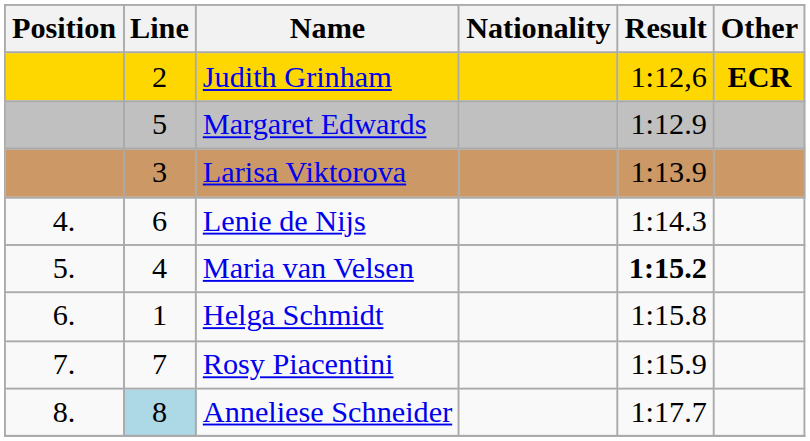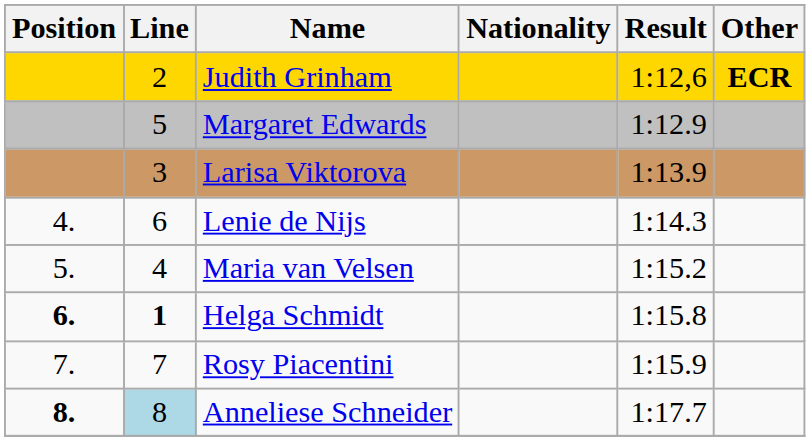 <table class="wikitable sortable" style="text-align:center">
 <tr>
 <th>Position</th>
 <th>Line</th>
 <th>Name</th>
 <th>Nationality</th>
 <th>Result</th>
 <th>Other</th>
 </tr>
 <tr bgcolor=gold>
 <td></td>
 <td>2</td>
 <td align=left><a href='#'>Judith Grinham</a></td>
 <td align=left></td>
 <td align=right>1:12,6</td>
 <td><strong>ECR</strong></td>
 </tr>
 <tr bgcolor=silver>
 <td></td>
 <td>5</td>
 <td align=left><a href='#'>Margaret Edwards</a></td>
 <td align=left></td>
 <td align=right>1:12.9</td>
 <td></td>
 </tr>
 <tr bgcolor=cc9966>
 <td></td>
 <td>3</td>
 <td align=left><a href='#'>Larisa Viktorova</a></td>
 <td align=left></td>
 <td align=right>1:13.9</td>
 <td></td>
 </tr>
 <tr>
 <td>4.</td>
 <td>6</td>
 <td align=left><a href='#'>Lenie de Nijs</a></td>
 <td align=left></td>
 <td align=right>1:14.3</td>
 <td></td>
 </tr>
 <tr>
 <td>5.</td>
 <td>4</td>
 <td align=left><a href='#'>Maria van Velsen</a></td>
 <td align=left></td>
-<td align=right><strong>1:15.2</strong></td>
+<td align=right>1:15.2</td>
 <td></td>
 </tr>
 <tr>
-<td>6.</td>
-<td>1</td>
+<td><strong>6.</strong></td>
+<td><strong>1</strong></td>
 <td align=left><a href='#'>Helga Schmidt</a></td>
 <td align=left></td>
 <td align=right>1:15.8</td>
 <td></td>
 </tr>
 <tr>
 <td>7.</td>
 <td>7</td>
 <td align=left><a href='#'>Rosy Piacentini</a></td>
 <td align=left></td>
 <td align=right>1:15.9</td>
 <td></td>
 </tr>
 <tr>
-<td>8.</td>
+<td><strong>8.</strong></td>
 <td style="background: lightblue;">8</td>
 <td align=left><a href='#'>Anneliese Schneider</a></td>
 <td align=left></td>
 <td align=right>1:17.7</td>
 <td></td>
 </tr>
 <tr>
 </tr>
 </table>
